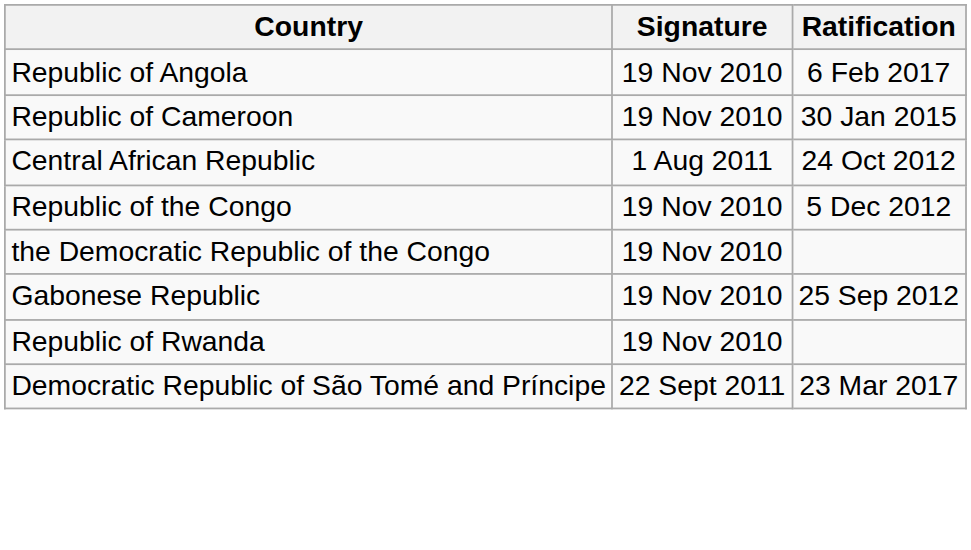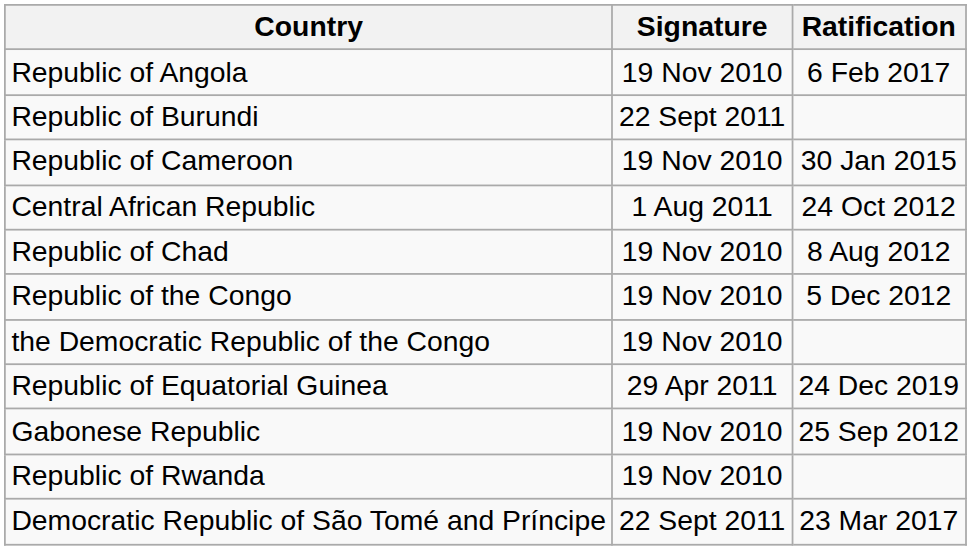 <table class="wikitable sortable"  style="align:right; text-align:center;">
 <tr>
 <th>Country</th>
 <th>Signature</th>
 <th>Ratification</th>
 </tr>
 <tr>
 <td style="text-align:left;">Republic of Angola</td>
 <td>19 Nov 2010</td>
 <td>6 Feb 2017</td>
 </tr>
 <tr>
+<td style="text-align:left;">Republic of Burundi</td>
+<td>22 Sept 2011</td>
+<td></td>
+</tr>
+<tr>
 <td style="text-align:left;">Republic of Cameroon</td>
 <td>19 Nov 2010</td>
 <td>30 Jan 2015</td>
 </tr>
 <tr>
 <td style="text-align:left;">Central African Republic</td>
 <td>1 Aug 2011</td>
 <td>24 Oct 2012</td>
 </tr>
 <tr>
+<td style="text-align:left;">Republic of Chad</td>
+<td>19 Nov 2010</td>
+<td>8 Aug 2012</td>
+</tr>
+<tr>
 <td style="text-align:left;">Republic of the Congo</td>
 <td>19 Nov 2010</td>
 <td>5 Dec 2012</td>
 </tr>
 <tr>
 <td style="text-align:left;">the Democratic Republic of the Congo</td>
 <td>19 Nov 2010</td>
 <td></td>
+</tr>
+<tr>
+<td style="text-align:left;">Republic of Equatorial Guinea</td>
+<td>29 Apr 2011</td>
+<td>24 Dec 2019</td>
 </tr>
 <tr>
 <td style="text-align:left;">Gabonese Republic</td>
 <td>19 Nov 2010</td>
 <td>25 Sep 2012</td>
 </tr>
 <tr>
 <td style="text-align:left;">Republic of Rwanda</td>
 <td>19 Nov 2010</td>
 <td></td>
 </tr>
 <tr>
 <td style="text-align:left;">Democratic Republic of São Tomé and Príncipe</td>
 <td>22 Sept 2011</td>
 <td>23 Mar 2017</td>
 </tr>
 </table>
